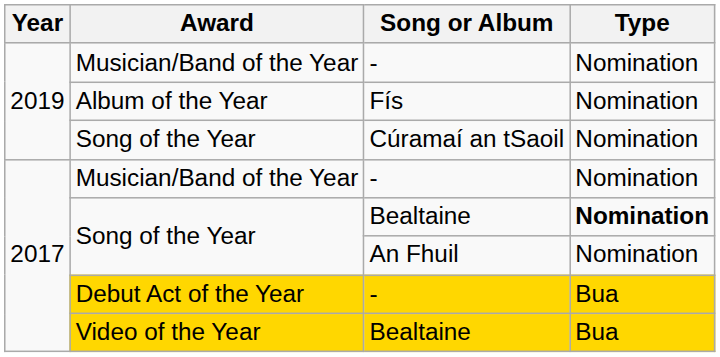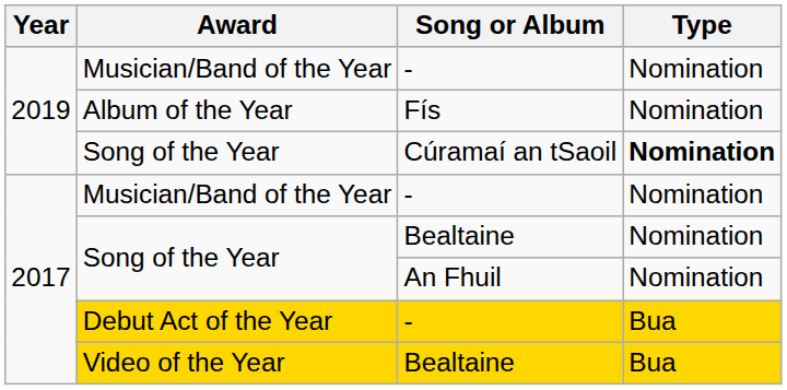 <table class="wikitable">
 <tr>
 <th>Year</th>
 <th>Award</th>
 <th>Song or Album</th>
 <th>Type</th>
 </tr>
 <tr>
 <td rowspan="3">2019</td>
 <td>Musician/Band of the Year</td>
 <td>-</td>
 <td>Nomination</td>
 </tr>
 <tr>
 <td>Album of the Year</td>
 <td>Fís</td>
 <td>Nomination</td>
 </tr>
 <tr>
 <td>Song of the Year</td>
 <td>Cúramaí an tSaoil</td>
-<td>Nomination</td>
+<td><strong>Nomination</strong></td>
 </tr>
 <tr>
 <td rowspan="5">2017</td>
 <td>Musician/Band of the Year</td>
 <td>-</td>
 <td>Nomination</td>
 </tr>
 <tr>
 <td rowspan="2">Song of the Year</td>
 <td>Bealtaine</td>
-<td><strong>Nomination</strong></td>
+<td>Nomination</td>
 </tr>
 <tr>
 <td>An Fhuil</td>
 <td>Nomination</td>
 </tr>
 <tr style="background: gold;">
 <td>Debut Act of the Year</td>
 <td>-</td>
 <td>Bua</td>
 </tr>
 <tr style="background: gold;">
 <td>Video of the Year</td>
 <td>Bealtaine</td>
 <td>Bua</td>
 </tr>
 </table>
